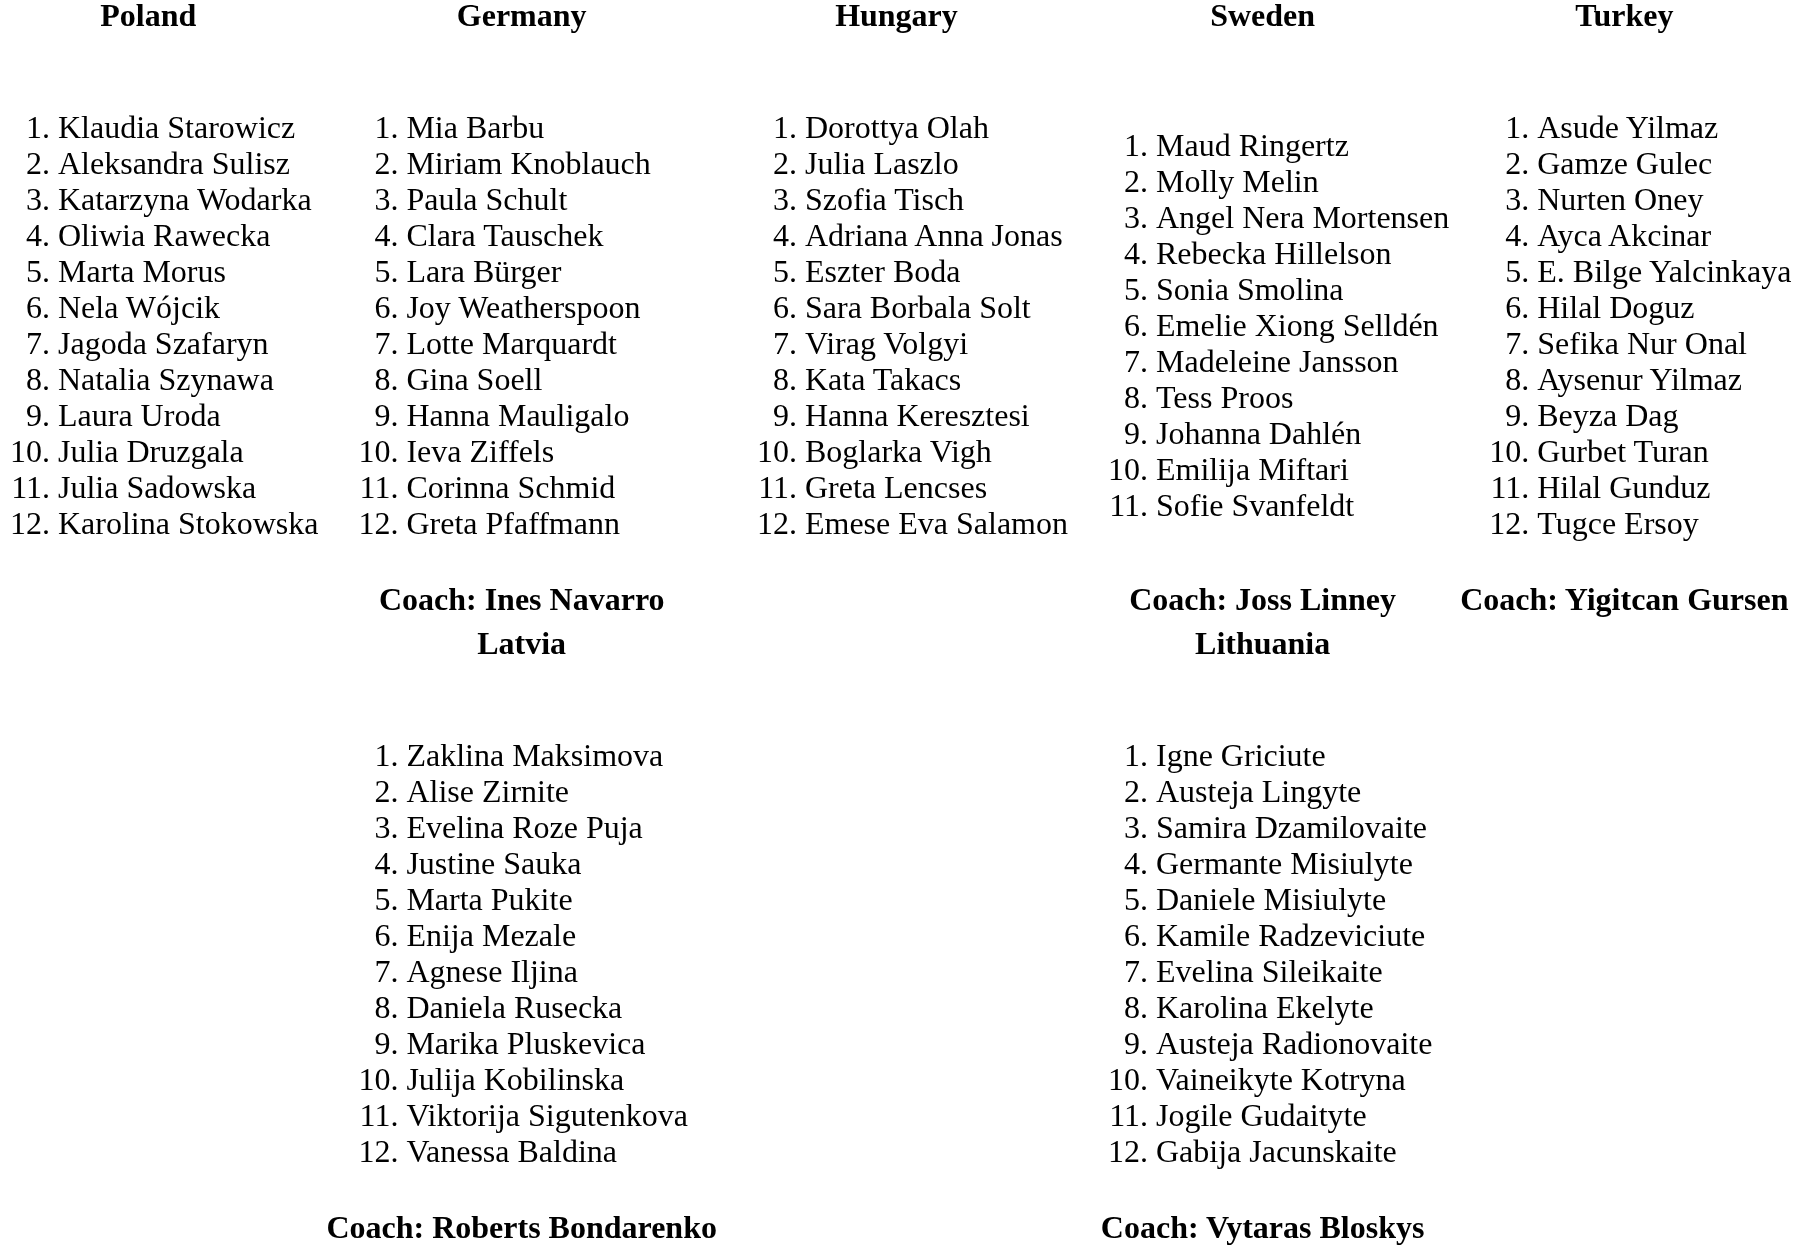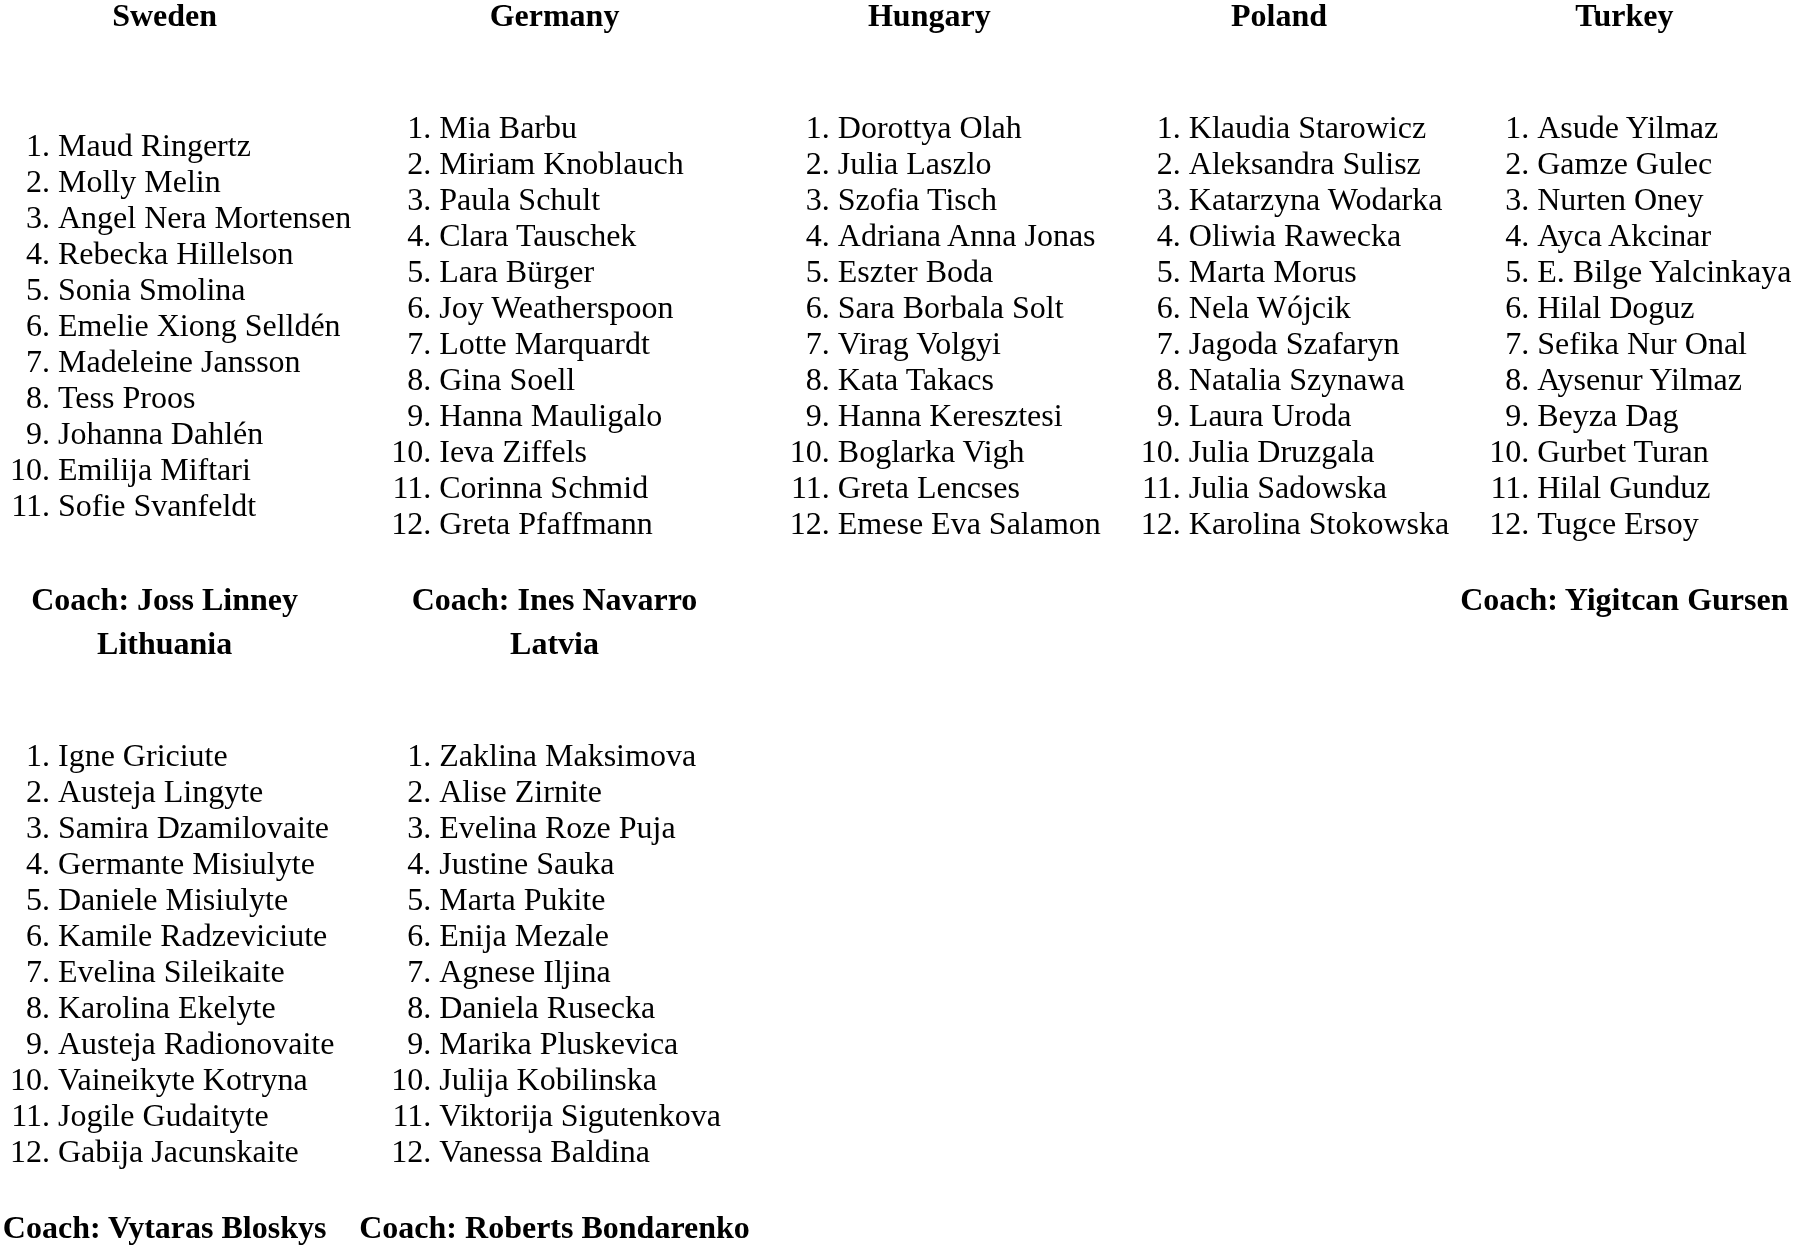 <table>
 <tr>
-<th>Poland</th>
+<th>Sweden</th>
 <th>Germany</th>
 <th>Hungary</th>
-<th>Sweden</th>
+<th>Poland</th>
 <th>Turkey</th>
 </tr>
 <tr>
-<td><br><ol><li>Klaudia Starowicz</li><li>Aleksandra Sulisz</li><li>Katarzyna Wodarka</li><li>Oliwia Rawecka</li><li>Marta Morus</li><li>Nela Wójcik</li><li>Jagoda Szafaryn</li><li>Natalia Szynawa</li><li>Laura Uroda</li><li>Julia Druzgala</li><li>Julia Sadowska</li><li>Karolina Stokowska</li></ol></td>
+<td><br><ol><li>Maud Ringertz</li><li>Molly Melin</li><li>Angel Nera Mortensen</li><li>Rebecka Hillelson</li><li>Sonia Smolina</li><li>Emelie Xiong Selldén</li><li>Madeleine Jansson</li><li>Tess Proos</li><li>Johanna Dahlén</li><li>Emilija Miftari</li><li>Sofie Svanfeldt</li></ol></td>
 <td><br><ol><li>Mia Barbu</li><li>Miriam Knoblauch</li><li>Paula Schult</li><li>Clara Tauschek</li><li>Lara Bürger</li><li>Joy Weatherspoon</li><li>Lotte Marquardt</li><li>Gina Soell</li><li>Hanna Mauligalo</li><li>Ieva Ziffels</li><li>Corinna Schmid</li><li>Greta Pfaffmann</li></ol></td>
 <td><br><ol><li>Dorottya Olah</li><li>Julia Laszlo</li><li>Szofia Tisch</li><li>Adriana Anna Jonas</li><li>Eszter Boda</li><li>Sara Borbala Solt</li><li>Virag Volgyi</li><li>Kata Takacs</li><li>Hanna Keresztesi</li><li>Boglarka Vigh</li><li>Greta Lencses</li><li>Emese Eva Salamon</li></ol></td>
-<td><br><ol><li>Maud Ringertz</li><li>Molly Melin</li><li>Angel Nera Mortensen</li><li>Rebecka Hillelson</li><li>Sonia Smolina</li><li>Emelie Xiong Selldén</li><li>Madeleine Jansson</li><li>Tess Proos</li><li>Johanna Dahlén</li><li>Emilija Miftari</li><li>Sofie Svanfeldt</li></ol></td>
+<td><br><ol><li>Klaudia Starowicz</li><li>Aleksandra Sulisz</li><li>Katarzyna Wodarka</li><li>Oliwia Rawecka</li><li>Marta Morus</li><li>Nela Wójcik</li><li>Jagoda Szafaryn</li><li>Natalia Szynawa</li><li>Laura Uroda</li><li>Julia Druzgala</li><li>Julia Sadowska</li><li>Karolina Stokowska</li></ol></td>
 <td><br><ol><li>Asude Yilmaz</li><li>Gamze Gulec</li><li>Nurten Oney</li><li>Ayca Akcinar</li><li>E. Bilge Yalcinkaya</li><li>Hilal Doguz</li><li>Sefika Nur Onal</li><li>Aysenur Yilmaz</li><li>Beyza Dag</li><li>Gurbet Turan</li><li>Hilal Gunduz</li><li>Tugce Ersoy</li></ol></td>
 </tr>
 <tr>
-<th></th>
+<th><strong>Coach</strong>: Joss Linney</th>
 <th><strong>Coach</strong>: Ines Navarro</th>
 <th></th>
-<th><strong>Coach</strong>: Joss Linney</th>
+<th></th>
 <th>Coach: Yigitcan Gursen</th>
 </tr>
 <tr>
-<th></th>
+<th>Lithuania</th>
 <th>Latvia</th>
 <th></th>
-<th>Lithuania</th>
+<th></th>
 <th></th>
 </tr>
 <tr>
-<td></td>
+<td><br><ol><li>Igne Griciute</li><li>Austeja Lingyte</li><li>Samira Dzamilovaite</li><li>Germante Misiulyte</li><li>Daniele Misiulyte</li><li>Kamile Radzeviciute</li><li>Evelina Sileikaite</li><li>Karolina Ekelyte</li><li>Austeja Radionovaite</li><li>Vaineikyte Kotryna</li><li>Jogile Gudaityte</li><li>Gabija Jacunskaite</li></ol></td>
 <td><br><ol><li>Zaklina Maksimova</li><li>Alise Zirnite</li><li>Evelina Roze Puja</li><li>Justine Sauka</li><li>Marta Pukite</li><li>Enija Mezale</li><li>Agnese Iljina</li><li>Daniela Rusecka</li><li>Marika Pluskevica</li><li>Julija Kobilinska</li><li>Viktorija Sigutenkova</li><li>Vanessa Baldina</li></ol></td>
 <td></td>
-<td><br><ol><li>Igne Griciute</li><li>Austeja Lingyte</li><li>Samira Dzamilovaite</li><li>Germante Misiulyte</li><li>Daniele Misiulyte</li><li>Kamile Radzeviciute</li><li>Evelina Sileikaite</li><li>Karolina Ekelyte</li><li>Austeja Radionovaite</li><li>Vaineikyte Kotryna</li><li>Jogile Gudaityte</li><li>Gabija Jacunskaite</li></ol></td>
+<td></td>
 <td></td>
 </tr>
 <tr>
-<th></th>
+<th>Coach: Vytaras Bloskys</th>
 <th>Coach: Roberts Bondarenko</th>
 <th></th>
-<th>Coach: Vytaras Bloskys</th>
+<th></th>
 <th></th>
 </tr>
 </table>
